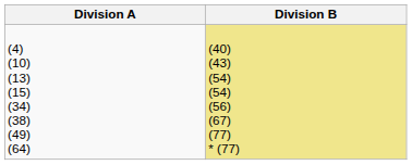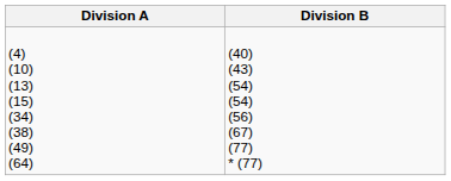 <table class="wikitable" width="40%">
 <tr>
 <th width="50%">Division A</th>
 <th width="50%">Division B</th>
 </tr>
 <tr>
 <td><br> (4)<br>  (10)<br>  (13)<br>  (15)<br>  (34)<br>  (38)<br>  (49)<br>  (64)<br></td>
-<td style="background: khaki;"><br> (40)<br>  (43)<br>  (54)<br>  (54)<br>  (56)<br>  (67)<br>  (77)<br> * (77)</td>
+<td><br> (40)<br>  (43)<br>  (54)<br>  (54)<br>  (56)<br>  (67)<br>  (77)<br> * (77)</td>
 </tr>
 </table>
